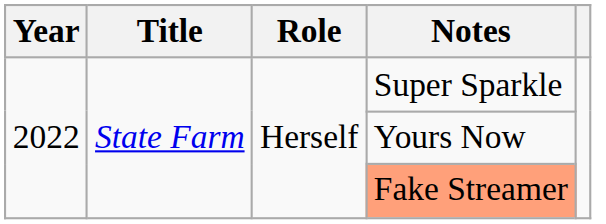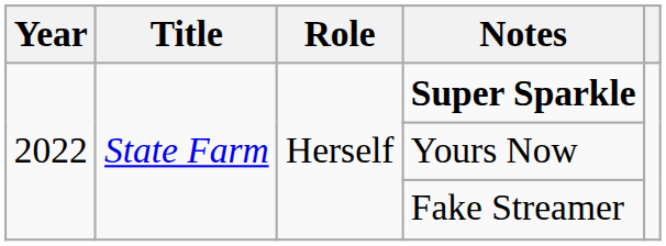 <table class="wikitable sortable">
 <tr>
 <th>Year</th>
 <th>Title</th>
 <th>Role</th>
 <th class="unsortable">Notes</th>
 <th class="unsortable"></th>
 </tr>
 <tr>
 <td rowspan="3">2022</td>
 <td rowspan="3"><em><a href='#'>State Farm</a></em></td>
 <td rowspan="3">Herself</td>
-<td>Super Sparkle</td>
+<td><strong>Super Sparkle</strong></td>
 <td rowspan="3"></td>
 </tr>
 <tr>
 <td>Yours Now</td>
 </tr>
 <tr>
-<td style="background: lightsalmon;">Fake Streamer</td>
+<td>Fake Streamer</td>
 </tr>
 </table>
